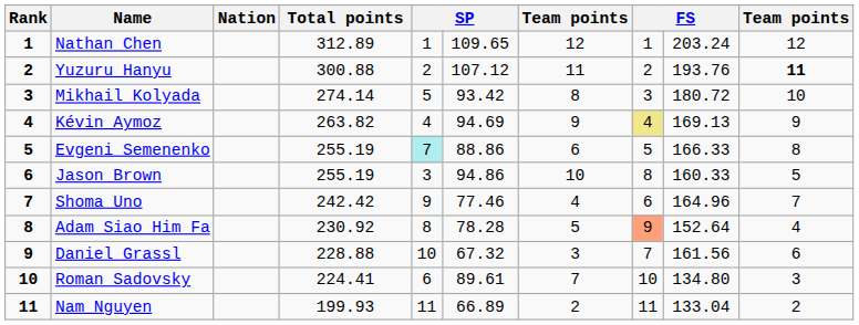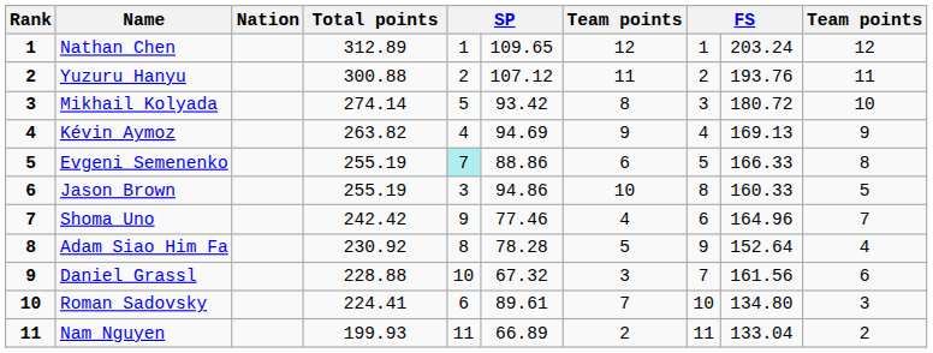 <table class="wikitable sortable">
 <tr>
 <th>Rank</th>
 <th>Name</th>
 <th>Nation</th>
 <th width="100">Total points</th>
 <th width="80" colspan="2"><a href='#'>SP</a></th>
 <th>Team points</th>
 <th width="80" colspan="2"><a href='#'>FS</a></th>
 <th>Team points</th>
 </tr>
 <tr>
 <td style="text-align: center;"><strong>1</strong></td>
 <td><a href='#'>Nathan Chen</a></td>
 <td></td>
 <td style="text-align: center;">312.89</td>
 <td style="text-align: center;">1</td>
 <td style="text-align: center;">109.65</td>
 <td style="text-align: center;">12</td>
 <td style="text-align: center;">1</td>
 <td style="text-align: center;">203.24</td>
 <td style="text-align: center;">12</td>
 </tr>
 <tr>
 <td style="text-align: center;"><strong>2</strong></td>
 <td><a href='#'>Yuzuru Hanyu</a></td>
 <td></td>
 <td style="text-align: center;">300.88</td>
 <td style="text-align: center;">2</td>
 <td style="text-align: center;">107.12</td>
 <td style="text-align: center;">11</td>
 <td style="text-align: center;">2</td>
 <td style="text-align: center;">193.76</td>
-<td style="text-align: center;"><strong>11</strong></td>
+<td style="text-align: center;">11</td>
 </tr>
 <tr>
 <td style="text-align: center;"><strong>3</strong></td>
 <td><a href='#'>Mikhail Kolyada</a></td>
 <td></td>
 <td style="text-align: center;">274.14</td>
 <td style="text-align: center;">5</td>
 <td style="text-align: center;">93.42</td>
 <td style="text-align: center;">8</td>
 <td style="text-align: center;">3</td>
 <td style="text-align: center;">180.72</td>
 <td style="text-align: center;">10</td>
 </tr>
 <tr>
 <td style="text-align: center;"><strong>4</strong></td>
 <td><a href='#'>Kévin Aymoz</a></td>
 <td></td>
 <td style="text-align: center;">263.82</td>
 <td style="text-align: center;">4</td>
 <td style="text-align: center;">94.69</td>
 <td style="text-align: center;">9</td>
-<td style="background: khaki; text-align: center;">4</td>
+<td style="text-align: center;">4</td>
 <td style="text-align: center;">169.13</td>
 <td style="text-align: center;">9</td>
 </tr>
 <tr>
 <td style="text-align: center;"><strong>5</strong></td>
 <td><a href='#'>Evgeni Semenenko</a></td>
 <td></td>
 <td style="text-align: center;">255.19</td>
 <td style="background: paleturquoise; text-align: center;">7</td>
 <td style="text-align: center;">88.86</td>
 <td style="text-align: center;">6</td>
 <td style="text-align: center;">5</td>
 <td style="text-align: center;">166.33</td>
 <td style="text-align: center;">8</td>
 </tr>
 <tr>
 <td style="text-align: center;"><strong>6</strong></td>
 <td><a href='#'>Jason Brown</a></td>
 <td></td>
 <td style="text-align: center;">255.19</td>
 <td style="text-align: center;">3</td>
 <td style="text-align: center;">94.86</td>
 <td style="text-align: center;">10</td>
 <td style="text-align: center;">8</td>
 <td style="text-align: center;">160.33</td>
 <td style="text-align: center;">5</td>
 </tr>
 <tr>
 <td style="text-align: center;"><strong>7</strong></td>
 <td><a href='#'>Shoma Uno</a></td>
 <td></td>
 <td style="text-align: center;">242.42</td>
 <td style="text-align: center;">9</td>
 <td style="text-align: center;">77.46</td>
 <td style="text-align: center;">4</td>
 <td style="text-align: center;">6</td>
 <td style="text-align: center;">164.96</td>
 <td style="text-align: center;">7</td>
 </tr>
 <tr>
 <td style="text-align: center;"><strong>8</strong></td>
 <td><a href='#'>Adam Siao Him Fa</a></td>
 <td></td>
 <td style="text-align: center;">230.92</td>
 <td style="text-align: center;">8</td>
 <td style="text-align: center;">78.28</td>
 <td style="text-align: center;">5</td>
-<td style="background: lightsalmon; text-align: center;">9</td>
+<td style="text-align: center;">9</td>
 <td style="text-align: center;">152.64</td>
 <td style="text-align: center;">4</td>
 </tr>
 <tr>
 <td style="text-align: center;"><strong>9</strong></td>
 <td><a href='#'>Daniel Grassl</a></td>
 <td></td>
 <td style="text-align: center;">228.88</td>
 <td style="text-align: center;">10</td>
 <td style="text-align: center;">67.32</td>
 <td style="text-align: center;">3</td>
 <td style="text-align: center;">7</td>
 <td style="text-align: center;">161.56</td>
 <td style="text-align: center;">6</td>
 </tr>
 <tr>
 <td style="text-align: center;"><strong>10</strong></td>
 <td><a href='#'>Roman Sadovsky</a></td>
 <td></td>
 <td style="text-align: center;">224.41</td>
 <td style="text-align: center;">6</td>
 <td style="text-align: center;">89.61</td>
 <td style="text-align: center;">7</td>
 <td style="text-align: center;">10</td>
 <td style="text-align: center;">134.80</td>
 <td style="text-align: center;">3</td>
 </tr>
 <tr>
 <td style="text-align: center;"><strong>11</strong></td>
 <td><a href='#'>Nam Nguyen</a></td>
 <td></td>
 <td style="text-align: center;">199.93</td>
 <td style="text-align: center;">11</td>
 <td style="text-align: center;">66.89</td>
 <td style="text-align: center;">2</td>
 <td style="text-align: center;">11</td>
 <td style="text-align: center;">133.04</td>
 <td style="text-align: center;">2</td>
 </tr>
 </table>
